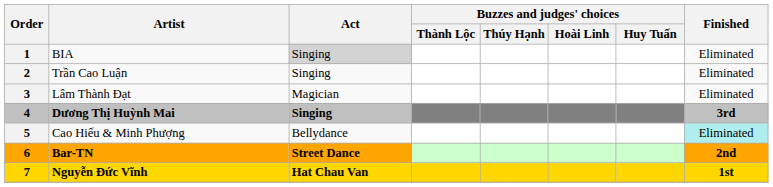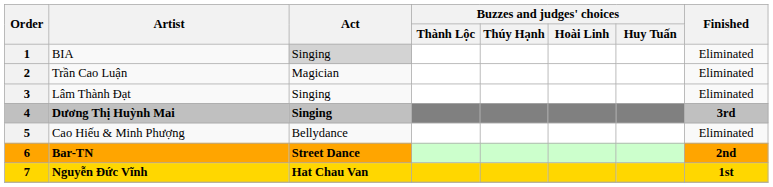 <table class=wikitable>
 <tr>
 <th rowspan=2 width=50>Order</th>
 <th rowspan=2 width=300>Artist</th>
 <th rowspan=2 width=150>Act</th>
 <th colspan=4 width=240>Buzzes and judges' choices</th>
 <th rowspan=2 width=100>Finished</th>
 </tr>
 <tr>
 <th width=80>Thành Lộc</th>
 <th width=80>Thúy Hạnh</th>
 <th width=80>Hoài Linh</th>
 <th width=80>Huy Tuấn</th>
 </tr>
 <tr>
 <th>1</th>
 <td>BIA</td>
 <td style="background: lightgrey;">Singing</td>
 <td align=center bgcolor=white></td>
 <td align=center bgcolor=white></td>
 <td align=center bgcolor=white></td>
 <td align=center bgcolor=white></td>
 <td align=center>Eliminated</td>
 </tr>
 <tr>
 <th>2</th>
 <td>Trần Cao Luận</td>
-<td>Singing</td>
+<td>Magician</td>
 <td align=center bgcolor=white></td>
 <td align=center bgcolor="white"></td>
 <td align=center bgcolor=white></td>
 <td align=center bgcolor=white></td>
 <td align=center>Eliminated</td>
 </tr>
 <tr>
 <th>3</th>
 <td>Lâm Thành Đạt</td>
-<td>Magician</td>
+<td>Singing</td>
 <td align=center bgcolor=white></td>
 <td align=center bgcolor=white></td>
 <td align=center bgcolor=white></td>
 <td align=center bgcolor=white></td>
 <td align=center>Eliminated</td>
 </tr>
 <tr>
 <td align=center bgcolor=silver><strong>4</strong></td>
 <td bgcolor=silver><strong>Dương Thị Huỳnh Mai</strong></td>
 <td bgcolor=silver><strong>Singing</strong></td>
 <td align=center bgcolor=gray></td>
 <td align=center bgcolor=gray></td>
 <td align=center bgcolor=gray></td>
 <td align=center bgcolor=gray></td>
 <td align=center bgcolor=silver><strong>3rd</strong></td>
 </tr>
 <tr>
 <th>5</th>
 <td>Cao Hiếu & Minh Phượng</td>
 <td>Bellydance</td>
 <td align=center bgcolor=white></td>
 <td align=center bgcolor=white></td>
 <td align=center bgcolor=white></td>
 <td align=center bgcolor=white></td>
-<td align=center style="background: paleturquoise;">Eliminated</td>
+<td align=center>Eliminated</td>
 </tr>
 <tr>
 <td align=center bgcolor=orange><strong>6</strong></td>
 <td bgcolor=orange><strong>Bar-TN</strong></td>
 <td bgcolor=orange><strong>Street Dance</strong></td>
 <td align=center bgcolor="#cfc"></td>
 <td align=center bgcolor="#cfc"></td>
 <td align=center bgcolor="#cfc"></td>
 <td align=center bgcolor="#cfc"></td>
 <td align=center  bgcolor=orange><strong>2nd</strong></td>
 </tr>
 <tr>
 <td align=center bgcolor=gold><strong>7</strong></td>
 <td bgcolor=gold><strong>Nguyễn Đức Vĩnh</strong></td>
 <td bgcolor=gold><strong>Hat Chau Van</strong></td>
 <td align=center bgcolor=gold></td>
 <td align=center bgcolor=gold></td>
 <td align=center bgcolor=gold></td>
 <td align=center bgcolor=gold></td>
 <td align=center bgcolor=gold><strong>1st</strong></td>
 </tr>
 <tr>
 </tr>
 </table>
